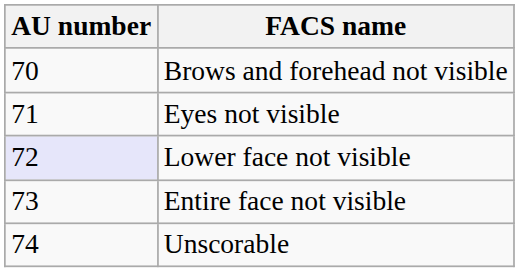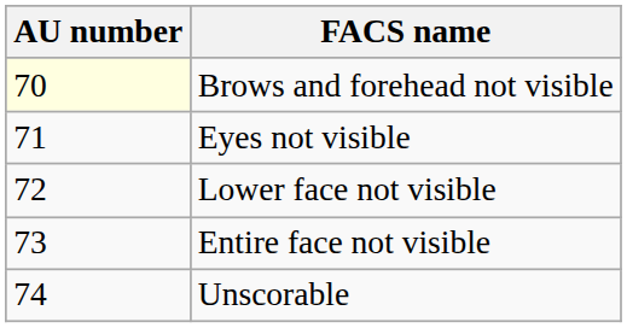 <table class="wikitable sortable">
 <tr>
 <th>AU number</th>
 <th>FACS name</th>
 </tr>
 <tr>
-<td>70</td>
+<td style="background: lightyellow;">70</td>
 <td>Brows and forehead not visible</td>
 </tr>
 <tr>
 <td>71</td>
 <td>Eyes not visible</td>
 </tr>
 <tr>
-<td style="background: lavender;">72</td>
+<td>72</td>
 <td>Lower face not visible</td>
 </tr>
 <tr>
 <td>73</td>
 <td>Entire face not visible</td>
 </tr>
 <tr>
 <td>74</td>
 <td>Unscorable</td>
 </tr>
 </table>
